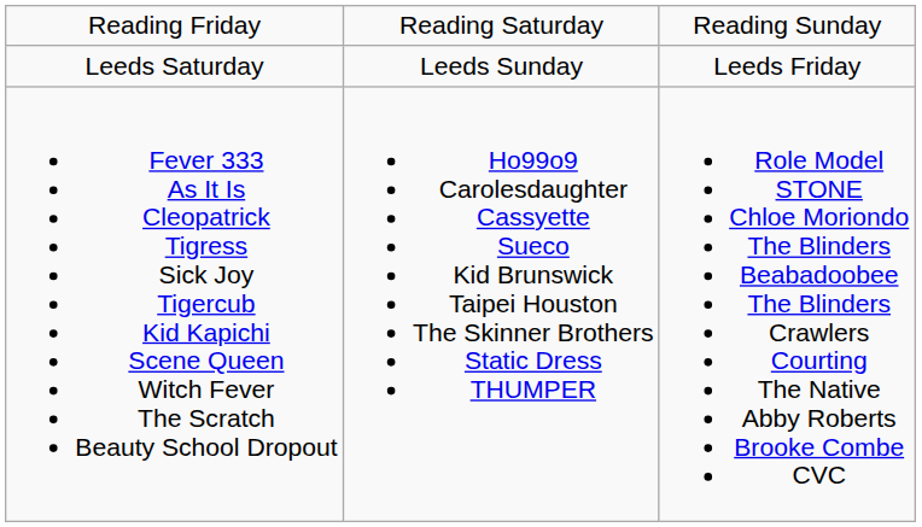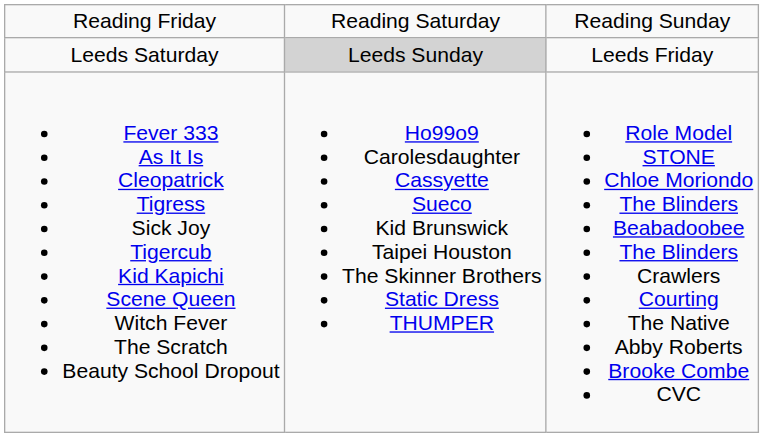 <table class="wikitable" style="text-align:center;">
 <tr>
 <td>Reading Friday</td>
 <td>Reading Saturday</td>
 <td>Reading Sunday</td>
 </tr>
 <tr>
 <td>Leeds Saturday</td>
-<td>Leeds Sunday</td>
+<td style="background: lightgrey;">Leeds Sunday</td>
 <td>Leeds Friday</td>
 </tr>
 <tr>
 <td valign="top"><br><ul><li><a href='#'>Fever 333</a></li><li><a href='#'>As It Is</a></li><li><a href='#'>Cleopatrick</a></li><li><a href='#'>Tigress</a></li><li>Sick Joy</li><li><a href='#'>Tigercub</a></li><li><a href='#'>Kid Kapichi</a></li><li><a href='#'>Scene Queen</a></li><li>Witch Fever</li><li>The Scratch</li><li>Beauty School Dropout</li></ul></td>
 <td valign="top"><br><ul><li><a href='#'>Ho99o9</a></li><li>Carolesdaughter</li><li><a href='#'>Cassyette</a></li><li><a href='#'>Sueco</a></li><li>Kid Brunswick</li><li>Taipei Houston</li><li>The Skinner Brothers</li><li><a href='#'>Static Dress</a></li><li><a href='#'>THUMPER</a></li></ul></td>
 <td valign="top"><br><ul><li><a href='#'>Role Model</a></li><li><a href='#'>STONE</a></li><li><a href='#'>Chloe Moriondo</a></li><li><a href='#'>The Blinders</a></li><li><a href='#'>Beabadoobee</a></li><li><a href='#'>The Blinders</a></li><li>Crawlers</li><li><a href='#'>Courting</a></li><li>The Native</li><li>Abby Roberts</li><li><a href='#'>Brooke Combe</a></li><li>CVC</li></ul></td>
 </tr>
 </table>
